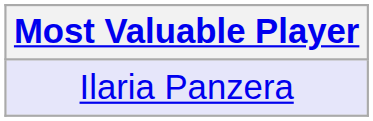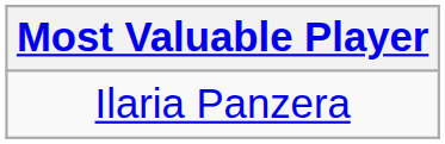 <table class=wikitable style="text-align:center; margin:auto">
 <tr>
 <th><a href='#'>Most Valuable Player</a></th>
 </tr>
 <tr>
-<td style="background: lavender;"> <a href='#'>Ilaria Panzera</a></td>
+<td> <a href='#'>Ilaria Panzera</a></td>
 </tr>
 </table>
